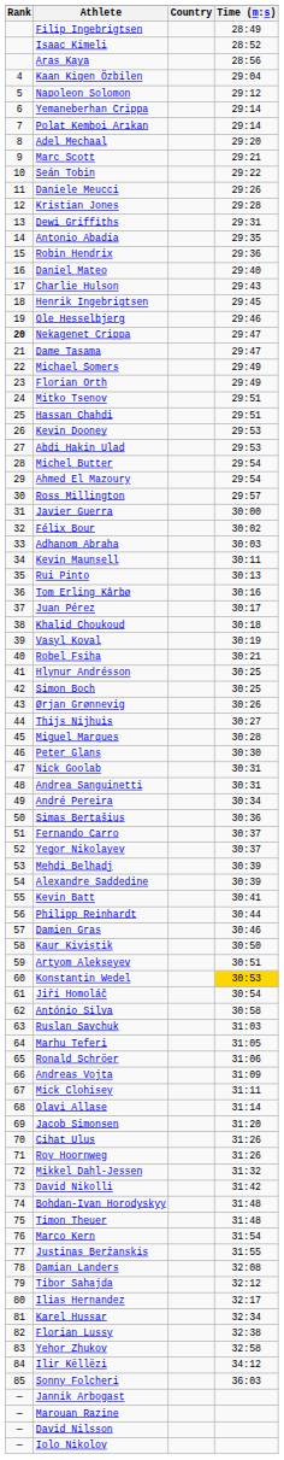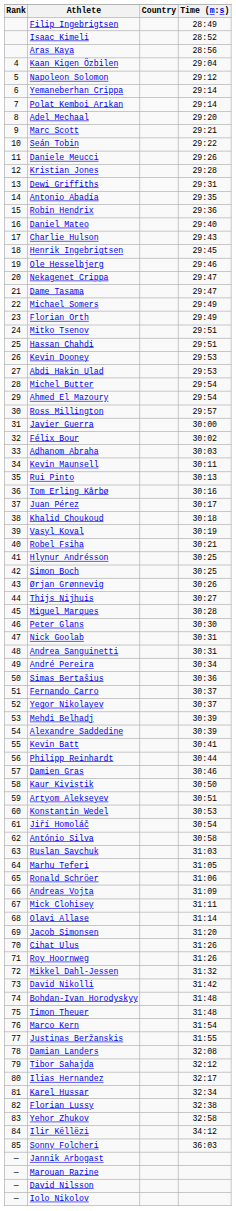 <table class="wikitable sortable" style="text-align:center;">
 <tr>
 </tr>
 <tr>
 <th>Rank</th>
 <th>Athlete</th>
 <th>Country</th>
 <th>Time (<a href='#'>m</a>:<a href='#'>s</a>)</th>
 </tr>
 <tr>
 <td></td>
 <td align=left><a href='#'>Filip Ingebrigtsen</a></td>
 <td align=left></td>
 <td>28:49</td>
 </tr>
 <tr>
 <td></td>
 <td align=left><a href='#'>Isaac Kimeli</a></td>
 <td align=left></td>
 <td>28:52</td>
 </tr>
 <tr>
 <td></td>
 <td align=left><a href='#'>Aras Kaya</a></td>
 <td align=left></td>
 <td>28:56</td>
 </tr>
 <tr>
 <td>4</td>
 <td align=left><a href='#'>Kaan Kigen Özbilen</a></td>
 <td align=left></td>
 <td>29:04</td>
 </tr>
 <tr>
 <td>5</td>
 <td align=left><a href='#'>Napoleon Solomon</a></td>
 <td align=left></td>
 <td>29:12</td>
 </tr>
 <tr>
 <td>6</td>
 <td align=left><a href='#'>Yemaneberhan Crippa</a></td>
 <td align=left></td>
 <td>29:14</td>
 </tr>
 <tr>
 <td>7</td>
 <td align=left><a href='#'>Polat Kemboi Arıkan</a></td>
 <td align=left></td>
 <td>29:14</td>
 </tr>
 <tr>
 <td>8</td>
 <td align=left><a href='#'>Adel Mechaal</a></td>
 <td align=left></td>
 <td>29:20</td>
 </tr>
 <tr>
 <td>9</td>
 <td align=left><a href='#'>Marc Scott</a></td>
 <td align=left></td>
 <td>29:21</td>
 </tr>
 <tr>
 <td>10</td>
 <td align=left><a href='#'>Seán Tobin</a></td>
 <td align=left></td>
 <td>29:22</td>
 </tr>
 <tr>
 <td>11</td>
 <td align=left><a href='#'>Daniele Meucci</a></td>
 <td align=left></td>
 <td>29:26</td>
 </tr>
 <tr>
 <td>12</td>
 <td align=left><a href='#'>Kristian Jones</a></td>
 <td align=left></td>
 <td>29:28</td>
 </tr>
 <tr>
 <td>13</td>
 <td align=left><a href='#'>Dewi Griffiths</a></td>
 <td align=left></td>
 <td>29:31</td>
 </tr>
 <tr>
 <td>14</td>
 <td align=left><a href='#'>Antonio Abadía</a></td>
 <td align=left></td>
 <td>29:35</td>
 </tr>
 <tr>
 <td>15</td>
 <td align=left><a href='#'>Robin Hendrix</a></td>
 <td align=left></td>
 <td>29:36</td>
 </tr>
 <tr>
 <td>16</td>
 <td align=left><a href='#'>Daniel Mateo</a></td>
 <td align=left></td>
 <td>29:40</td>
 </tr>
 <tr>
 <td>17</td>
 <td align=left><a href='#'>Charlie Hulson</a></td>
 <td align=left></td>
 <td>29:43</td>
 </tr>
 <tr>
 <td>18</td>
 <td align=left><a href='#'>Henrik Ingebrigtsen</a></td>
 <td align=left></td>
 <td>29:45</td>
 </tr>
 <tr>
 <td>19</td>
 <td align=left><a href='#'>Ole Hesselbjerg</a></td>
 <td align=left></td>
 <td>29:46</td>
 </tr>
 <tr>
-<td><strong>20</strong></td>
+<td>20</td>
 <td align=left><a href='#'>Nekagenet Crippa</a></td>
 <td align=left></td>
 <td>29:47</td>
 </tr>
 <tr>
 <td>21</td>
 <td align=left><a href='#'>Dame Tasama</a></td>
 <td align=left></td>
 <td>29:47</td>
 </tr>
 <tr>
 <td>22</td>
 <td align=left><a href='#'>Michael Somers</a></td>
 <td align=left></td>
 <td>29:49</td>
 </tr>
 <tr>
 <td>23</td>
 <td align=left><a href='#'>Florian Orth</a></td>
 <td align=left></td>
 <td>29:49</td>
 </tr>
 <tr>
 <td>24</td>
 <td align=left><a href='#'>Mitko Tsenov</a></td>
 <td align=left></td>
 <td>29:51</td>
 </tr>
 <tr>
 <td>25</td>
 <td align=left><a href='#'>Hassan Chahdi</a></td>
 <td align=left></td>
 <td>29:51</td>
 </tr>
 <tr>
 <td>26</td>
 <td align=left><a href='#'>Kevin Dooney</a></td>
 <td align=left></td>
 <td>29:53</td>
 </tr>
 <tr>
 <td>27</td>
 <td align=left><a href='#'>Abdi Hakin Ulad</a></td>
 <td align=left></td>
 <td>29:53</td>
 </tr>
 <tr>
 <td>28</td>
 <td align=left><a href='#'>Michel Butter</a></td>
 <td align=left></td>
 <td>29:54</td>
 </tr>
 <tr>
 <td>29</td>
 <td align=left><a href='#'>Ahmed El Mazoury</a></td>
 <td align=left></td>
 <td>29:54</td>
 </tr>
 <tr>
 <td>30</td>
 <td align=left><a href='#'>Ross Millington</a></td>
 <td align=left></td>
 <td>29:57</td>
 </tr>
 <tr>
 <td>31</td>
 <td align=left><a href='#'>Javier Guerra</a></td>
 <td align=left></td>
 <td>30:00</td>
 </tr>
 <tr>
 <td>32</td>
 <td align=left><a href='#'>Félix Bour</a></td>
 <td align=left></td>
 <td>30:02</td>
 </tr>
 <tr>
 <td>33</td>
 <td align=left><a href='#'>Adhanom Abraha</a></td>
 <td align=left></td>
 <td>30:03</td>
 </tr>
 <tr>
 <td>34</td>
 <td align=left><a href='#'>Kevin Maunsell</a></td>
 <td align=left></td>
 <td>30:11</td>
 </tr>
 <tr>
 <td>35</td>
 <td align=left><a href='#'>Rui Pinto</a></td>
 <td align=left></td>
 <td>30:13</td>
 </tr>
 <tr>
 <td>36</td>
 <td align=left><a href='#'>Tom Erling Kårbø</a></td>
 <td align=left></td>
 <td>30:16</td>
 </tr>
 <tr>
 <td>37</td>
 <td align=left><a href='#'>Juan Pérez</a></td>
 <td align=left></td>
 <td>30:17</td>
 </tr>
 <tr>
 <td>38</td>
 <td align=left><a href='#'>Khalid Choukoud</a></td>
 <td align=left></td>
 <td>30:18</td>
 </tr>
 <tr>
 <td>39</td>
 <td align=left><a href='#'>Vasyl Koval</a></td>
 <td align=left></td>
 <td>30:19</td>
 </tr>
 <tr>
 <td>40</td>
 <td align=left><a href='#'>Robel Fsiha</a></td>
 <td align=left></td>
 <td>30:21</td>
 </tr>
 <tr>
 <td>41</td>
 <td align=left><a href='#'>Hlynur Andrésson</a></td>
 <td align=left></td>
 <td>30:25</td>
 </tr>
 <tr>
 <td>42</td>
 <td align=left><a href='#'>Simon Boch</a></td>
 <td align=left></td>
 <td>30:25</td>
 </tr>
 <tr>
 <td>43</td>
 <td align=left><a href='#'>Ørjan Grønnevig</a></td>
 <td align=left></td>
 <td>30:26</td>
 </tr>
 <tr>
 <td>44</td>
 <td align=left><a href='#'>Thijs Nijhuis</a></td>
 <td align=left></td>
 <td>30:27</td>
 </tr>
 <tr>
 <td>45</td>
 <td align=left><a href='#'>Miguel Marques</a></td>
 <td align=left></td>
 <td>30:28</td>
 </tr>
 <tr>
 <td>46</td>
 <td align=left><a href='#'>Peter Glans</a></td>
 <td align=left></td>
 <td>30:30</td>
 </tr>
 <tr>
 <td>47</td>
 <td align=left><a href='#'>Nick Goolab</a></td>
 <td align=left></td>
 <td>30:31</td>
 </tr>
 <tr>
 <td>48</td>
 <td align=left><a href='#'>Andrea Sanguinetti</a></td>
 <td align=left></td>
 <td>30:31</td>
 </tr>
 <tr>
 <td>49</td>
 <td align=left><a href='#'>André Pereira</a></td>
 <td align=left></td>
 <td>30:34</td>
 </tr>
 <tr>
 <td>50</td>
 <td align=left><a href='#'>Simas Bertašius</a></td>
 <td align=left></td>
 <td>30:36</td>
 </tr>
 <tr>
 <td>51</td>
 <td align=left><a href='#'>Fernando Carro</a></td>
 <td align=left></td>
 <td>30:37</td>
 </tr>
 <tr>
 <td>52</td>
 <td align=left><a href='#'>Yegor Nikolayev</a></td>
 <td align=left></td>
 <td>30:37</td>
 </tr>
 <tr>
 <td>53</td>
 <td align=left><a href='#'>Mehdi Belhadj</a></td>
 <td align=left></td>
 <td>30:39</td>
 </tr>
 <tr>
 <td>54</td>
 <td align=left><a href='#'>Alexandre Saddedine</a></td>
 <td align=left></td>
 <td>30:39</td>
 </tr>
 <tr>
 <td>55</td>
 <td align=left><a href='#'>Kevin Batt</a></td>
 <td align=left></td>
 <td>30:41</td>
 </tr>
 <tr>
 <td>56</td>
 <td align=left><a href='#'>Philipp Reinhardt</a></td>
 <td align=left></td>
 <td>30:44</td>
 </tr>
 <tr>
 <td>57</td>
 <td align=left><a href='#'>Damien Gras</a></td>
 <td align=left></td>
 <td>30:46</td>
 </tr>
 <tr>
 <td>58</td>
 <td align=left><a href='#'>Kaur Kivistik</a></td>
 <td align=left></td>
 <td>30:50</td>
 </tr>
 <tr>
 <td>59</td>
 <td align=left><a href='#'>Artyom Alekseyev</a></td>
 <td align=left></td>
 <td>30:51</td>
 </tr>
 <tr>
 <td>60</td>
 <td align=left><a href='#'>Konstantin Wedel</a></td>
 <td align=left></td>
-<td style="background: gold;">30:53</td>
+<td>30:53</td>
 </tr>
 <tr>
 <td>61</td>
 <td align=left><a href='#'>Jiří Homoláč</a></td>
 <td align=left></td>
 <td>30:54</td>
 </tr>
 <tr>
 <td>62</td>
 <td align=left><a href='#'>António Silva</a></td>
 <td align=left></td>
 <td>30:58</td>
 </tr>
 <tr>
 <td>63</td>
 <td align=left><a href='#'>Ruslan Savchuk</a></td>
 <td align=left></td>
 <td>31:03</td>
 </tr>
 <tr>
 <td>64</td>
 <td align=left><a href='#'>Marhu Teferi</a></td>
 <td align=left></td>
 <td>31:05</td>
 </tr>
 <tr>
 <td>65</td>
 <td align=left><a href='#'>Ronald Schröer</a></td>
 <td align=left></td>
 <td>31:06</td>
 </tr>
 <tr>
 <td>66</td>
 <td align=left><a href='#'>Andreas Vojta</a></td>
 <td align=left></td>
 <td>31:09</td>
 </tr>
 <tr>
 <td>67</td>
 <td align=left><a href='#'>Mick Clohisey</a></td>
 <td align=left></td>
 <td>31:11</td>
 </tr>
 <tr>
 <td>68</td>
 <td align=left><a href='#'>Olavi Allase</a></td>
 <td align=left></td>
 <td>31:14</td>
 </tr>
 <tr>
 <td>69</td>
 <td align=left><a href='#'>Jacob Simonsen</a></td>
 <td align=left></td>
 <td>31:20</td>
 </tr>
 <tr>
 <td>70</td>
 <td align=left><a href='#'>Cihat Ulus</a></td>
 <td align=left></td>
 <td>31:26</td>
 </tr>
 <tr>
 <td>71</td>
 <td align=left><a href='#'>Roy Hoornweg</a></td>
 <td align=left></td>
 <td>31:26</td>
 </tr>
 <tr>
 <td>72</td>
 <td align=left><a href='#'>Mikkel Dahl-Jessen</a></td>
 <td align=left></td>
 <td>31:32</td>
 </tr>
 <tr>
 <td>73</td>
 <td align=left><a href='#'>David Nikolli</a></td>
 <td align=left></td>
 <td>31:42</td>
 </tr>
 <tr>
 <td>74</td>
 <td align=left><a href='#'>Bohdan-Ivan Horodyskyy</a></td>
 <td align=left></td>
 <td>31:48</td>
 </tr>
 <tr>
 <td>75</td>
 <td align=left><a href='#'>Timon Theuer</a></td>
 <td align=left></td>
 <td>31:48</td>
 </tr>
 <tr>
 <td>76</td>
 <td align=left><a href='#'>Marco Kern</a></td>
 <td align=left></td>
 <td>31:54</td>
 </tr>
 <tr>
 <td>77</td>
 <td align=left><a href='#'>Justinas Beržanskis</a></td>
 <td align=left></td>
 <td>31:55</td>
 </tr>
 <tr>
 <td>78</td>
 <td align=left><a href='#'>Damian Landers</a></td>
 <td align=left></td>
 <td>32:08</td>
 </tr>
 <tr>
 <td>79</td>
 <td align=left><a href='#'>Tibor Sahajda</a></td>
 <td align=left></td>
 <td>32:12</td>
 </tr>
 <tr>
 <td>80</td>
 <td align=left><a href='#'>Ilias Hernandez</a></td>
 <td align=left></td>
 <td>32:17</td>
 </tr>
 <tr>
 <td>81</td>
 <td align=left><a href='#'>Karel Hussar</a></td>
 <td align=left></td>
 <td>32:34</td>
 </tr>
 <tr>
 <td>82</td>
 <td align=left><a href='#'>Florian Lussy</a></td>
 <td align=left></td>
 <td>32:38</td>
 </tr>
 <tr>
 <td>83</td>
 <td align=left><a href='#'>Yehor Zhukov</a></td>
 <td align=left></td>
 <td>32:58</td>
 </tr>
 <tr>
 <td>84</td>
 <td align=left><a href='#'>Ilir Këllëzi</a></td>
 <td align=left></td>
 <td>34:12</td>
 </tr>
 <tr>
 <td>85</td>
 <td align=left><a href='#'>Sonny Folcheri</a></td>
 <td align=left></td>
 <td>36:03</td>
 </tr>
 <tr>
 <td>—</td>
 <td align=left><a href='#'>Jannik Arbogast</a></td>
 <td align=left></td>
 <td></td>
 </tr>
 <tr>
 <td>—</td>
 <td align=left><a href='#'>Marouan Razine</a></td>
 <td align=left></td>
 <td></td>
 </tr>
 <tr>
 <td>—</td>
 <td align=left><a href='#'>David Nilsson</a></td>
 <td align=left></td>
 <td></td>
 </tr>
 <tr>
 <td>—</td>
 <td align=left><a href='#'>Iolo Nikolov</a></td>
 <td align=left></td>
 <td></td>
 </tr>
 </table>
